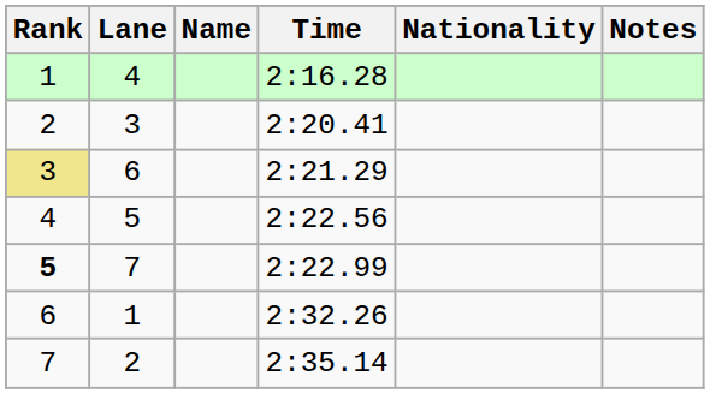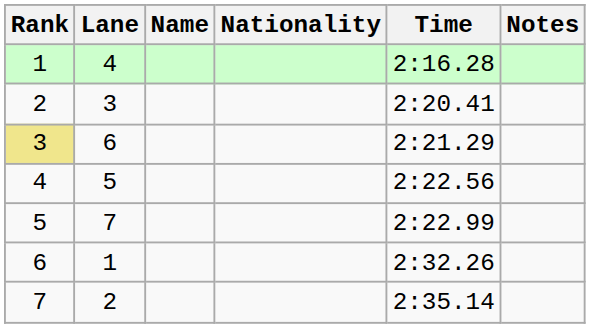 <table class="wikitable sortable" style="text-align:center">
 <tr>
 <th>Rank</th>
 <th>Lane</th>
 <th>Name</th>
+<th>Nationality</th>
 <th>Time</th>
-<th>Nationality</th>
 <th>Notes</th>
 </tr>
 <tr bgcolor=ccffcc>
 <td>1</td>
 <td>4</td>
 <td align=left></td>
+<td align=left></td>
 <td>2:16.28</td>
-<td align=left></td>
 <td><strong></strong></td>
 </tr>
 <tr>
 <td>2</td>
 <td>3</td>
 <td align=left></td>
+<td align=left></td>
 <td>2:20.41</td>
-<td align=left></td>
 <td></td>
 </tr>
 <tr>
 <td style="background: khaki;">3</td>
 <td>6</td>
 <td align=left></td>
+<td align=left></td>
 <td>2:21.29</td>
-<td align=left></td>
 <td></td>
 </tr>
 <tr>
 <td>4</td>
 <td>5</td>
 <td align=left></td>
+<td align=left></td>
 <td>2:22.56</td>
-<td align=left></td>
 <td></td>
 </tr>
 <tr>
-<td><strong>5</strong></td>
+<td>5</td>
 <td>7</td>
 <td align=left></td>
+<td align=left></td>
 <td>2:22.99</td>
-<td align=left></td>
 <td></td>
 </tr>
 <tr>
 <td>6</td>
 <td>1</td>
 <td align=left></td>
+<td align=left></td>
 <td>2:32.26</td>
-<td align=left></td>
 <td></td>
 </tr>
 <tr>
 <td>7</td>
 <td>2</td>
 <td align=left></td>
+<td align=left></td>
 <td>2:35.14</td>
-<td align=left></td>
 <td></td>
 </tr>
 </table>
